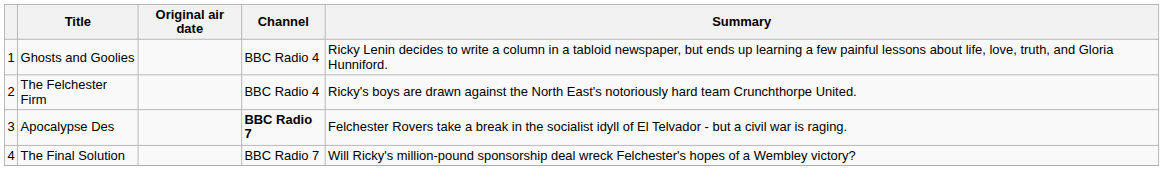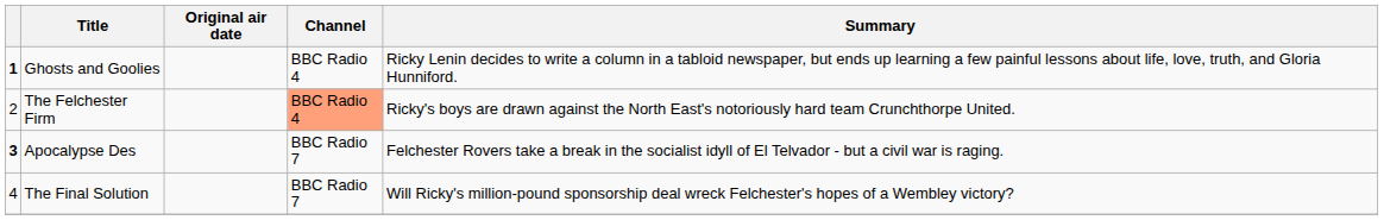 <table class="wikitable sortable" style="width:90%;">
 <tr>
 <th></th>
 <th>Title</th>
 <th>Original air date</th>
 <th>Channel</th>
 <th>Summary</th>
 </tr>
 <tr>
-<td>1</td>
+<td><strong>1</strong></td>
 <td>Ghosts and Goolies</td>
 <td></td>
 <td>BBC Radio 4</td>
 <td>Ricky Lenin decides to write a column in a tabloid newspaper, but ends up learning a few painful lessons about life, love, truth, and Gloria Hunniford.</td>
 </tr>
 <tr>
 <td>2</td>
 <td>The Felchester Firm</td>
 <td></td>
-<td>BBC Radio 4</td>
+<td style="background: lightsalmon;">BBC Radio 4</td>
 <td>Ricky's boys are drawn against the North East's notoriously hard team Crunchthorpe United.</td>
 </tr>
 <tr>
-<td>3</td>
+<td><strong>3</strong></td>
 <td>Apocalypse Des</td>
 <td></td>
-<td><strong>BBC Radio 7</strong></td>
+<td>BBC Radio 7</td>
 <td>Felchester Rovers take a break in the socialist idyll of El Telvador - but a civil war is raging.</td>
 </tr>
 <tr>
 <td>4</td>
 <td>The Final Solution</td>
 <td></td>
 <td>BBC Radio 7</td>
 <td>Will Ricky's million-pound sponsorship deal wreck Felchester's hopes of a Wembley victory?</td>
 </tr>
 <tr>
 </tr>
 </table>
